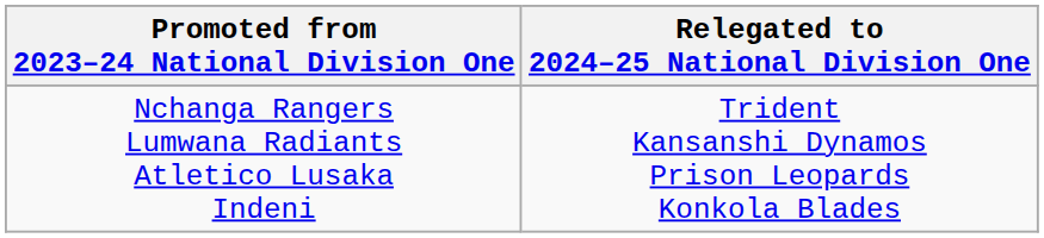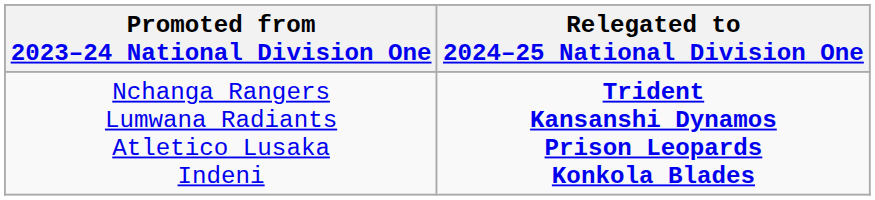 <table class="wikitable">
 <tr>
 <th> Promoted from<br><a href='#'>2023–24 National Division One</a></th>
 <th> Relegated to<br><a href='#'>2024–25 National Division One</a></th>
 </tr>
 <tr>
 <td align="center"><a href='#'>Nchanga Rangers</a><br><a href='#'>Lumwana Radiants</a><br><a href='#'>Atletico Lusaka</a><br><a href='#'>Indeni</a></td>
-<td align="center"><a href='#'>Trident</a><br><a href='#'>Kansanshi Dynamos</a><br><a href='#'>Prison Leopards</a><br><a href='#'>Konkola Blades</a></td>
+<td align="center"><strong><a href='#'>Trident</a><br><a href='#'>Kansanshi Dynamos</a><br><a href='#'>Prison Leopards</a><br><a href='#'>Konkola Blades</a></strong></td>
 </tr>
 </table>
